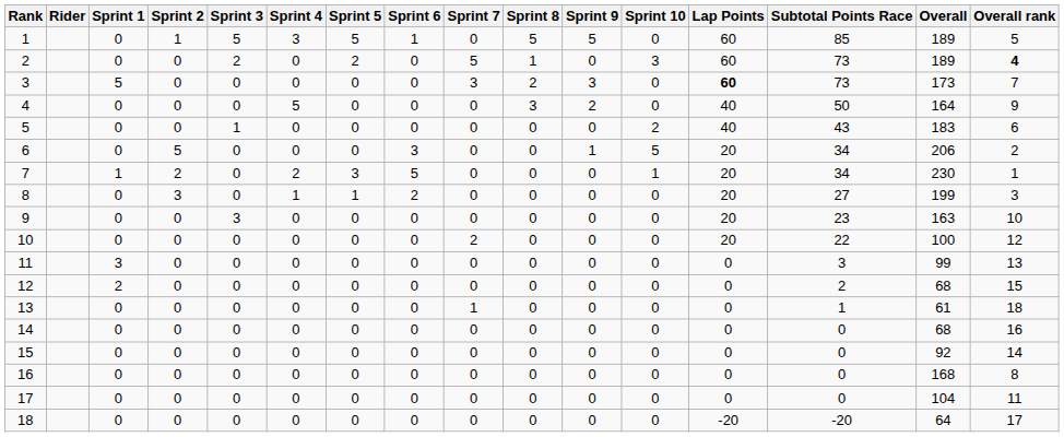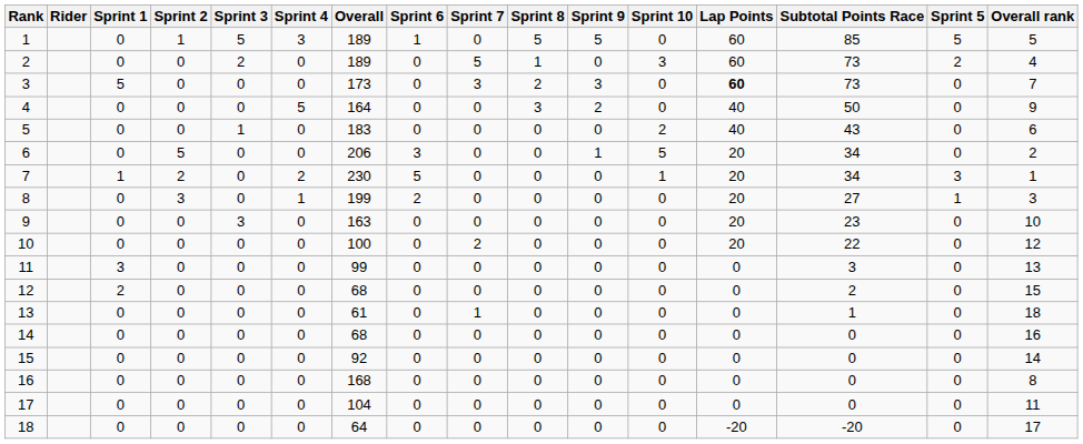 <table class="wikitable sortable" style="text-align:center">
 <tr>
 <th>Rank</th>
 <th>Rider</th>
 <th>Sprint 1</th>
 <th>Sprint 2</th>
 <th>Sprint 3</th>
 <th>Sprint 4</th>
-<th>Sprint 5</th>
+<th>Overall</th>
 <th>Sprint 6</th>
 <th>Sprint 7</th>
 <th>Sprint 8</th>
 <th>Sprint 9</th>
 <th>Sprint 10</th>
 <th>Lap Points</th>
 <th>Subtotal Points Race</th>
-<th>Overall</th>
+<th>Sprint 5</th>
 <th>Overall rank</th>
 </tr>
 <tr>
 <td>1</td>
 <td align=left></td>
 <td>0</td>
 <td>1</td>
 <td>5</td>
 <td>3</td>
-<td>5</td>
+<td>189</td>
 <td>1</td>
 <td>0</td>
 <td>5</td>
 <td>5</td>
 <td>0</td>
 <td>60</td>
 <td>85</td>
-<td>189</td>
+<td>5</td>
 <td>5</td>
 </tr>
 <tr>
 <td>2</td>
 <td align=left></td>
 <td>0</td>
 <td>0</td>
 <td>2</td>
 <td>0</td>
-<td>2</td>
+<td>189</td>
 <td>0</td>
 <td>5</td>
 <td>1</td>
 <td>0</td>
 <td>3</td>
 <td>60</td>
 <td>73</td>
-<td>189</td>
-<td><strong>4</strong></td>
+<td>2</td>
+<td>4</td>
 </tr>
 <tr>
 <td>3</td>
 <td align=left></td>
 <td>5</td>
 <td>0</td>
 <td>0</td>
 <td>0</td>
-<td>0</td>
+<td>173</td>
 <td>0</td>
 <td>3</td>
 <td>2</td>
 <td>3</td>
 <td>0</td>
 <td><strong>60</strong></td>
 <td>73</td>
-<td>173</td>
+<td>0</td>
 <td>7</td>
 </tr>
 <tr>
 <td>4</td>
 <td align=left></td>
 <td>0</td>
 <td>0</td>
 <td>0</td>
 <td>5</td>
-<td>0</td>
+<td>164</td>
 <td>0</td>
 <td>0</td>
 <td>3</td>
 <td>2</td>
 <td>0</td>
 <td>40</td>
 <td>50</td>
-<td>164</td>
+<td>0</td>
 <td>9</td>
 </tr>
 <tr>
 <td>5</td>
 <td align=left></td>
 <td>0</td>
 <td>0</td>
 <td>1</td>
 <td>0</td>
-<td>0</td>
+<td>183</td>
 <td>0</td>
 <td>0</td>
 <td>0</td>
 <td>0</td>
 <td>2</td>
 <td>40</td>
 <td>43</td>
-<td>183</td>
+<td>0</td>
 <td>6</td>
 </tr>
 <tr>
 <td>6</td>
 <td align=left></td>
 <td>0</td>
 <td>5</td>
 <td>0</td>
 <td>0</td>
-<td>0</td>
+<td>206</td>
 <td>3</td>
 <td>0</td>
 <td>0</td>
 <td>1</td>
 <td>5</td>
 <td>20</td>
 <td>34</td>
-<td>206</td>
+<td>0</td>
 <td>2</td>
 </tr>
 <tr>
 <td>7</td>
 <td align=left></td>
 <td>1</td>
 <td>2</td>
 <td>0</td>
 <td>2</td>
-<td>3</td>
+<td>230</td>
 <td>5</td>
 <td>0</td>
 <td>0</td>
 <td>0</td>
 <td>1</td>
 <td>20</td>
 <td>34</td>
-<td>230</td>
+<td>3</td>
 <td>1</td>
 </tr>
 <tr>
 <td>8</td>
 <td align=left></td>
 <td>0</td>
 <td>3</td>
 <td>0</td>
 <td>1</td>
-<td>1</td>
+<td>199</td>
 <td>2</td>
 <td>0</td>
 <td>0</td>
 <td>0</td>
 <td>0</td>
 <td>20</td>
 <td>27</td>
-<td>199</td>
+<td>1</td>
 <td>3</td>
 </tr>
 <tr>
 <td>9</td>
 <td align=left></td>
 <td>0</td>
 <td>0</td>
 <td>3</td>
 <td>0</td>
-<td>0</td>
+<td>163</td>
 <td>0</td>
 <td>0</td>
 <td>0</td>
 <td>0</td>
 <td>0</td>
 <td>20</td>
 <td>23</td>
-<td>163</td>
+<td>0</td>
 <td>10</td>
 </tr>
 <tr>
 <td>10</td>
 <td align=left></td>
 <td>0</td>
 <td>0</td>
 <td>0</td>
 <td>0</td>
-<td>0</td>
+<td>100</td>
 <td>0</td>
 <td>2</td>
 <td>0</td>
 <td>0</td>
 <td>0</td>
 <td>20</td>
 <td>22</td>
-<td>100</td>
+<td>0</td>
 <td>12</td>
 </tr>
 <tr>
 <td>11</td>
 <td align=left></td>
 <td>3</td>
 <td>0</td>
 <td>0</td>
 <td>0</td>
-<td>0</td>
+<td>99</td>
 <td>0</td>
 <td>0</td>
 <td>0</td>
 <td>0</td>
 <td>0</td>
 <td>0</td>
 <td>3</td>
-<td>99</td>
+<td>0</td>
 <td>13</td>
 </tr>
 <tr>
 <td>12</td>
 <td align=left></td>
 <td>2</td>
 <td>0</td>
 <td>0</td>
 <td>0</td>
-<td>0</td>
+<td>68</td>
 <td>0</td>
 <td>0</td>
 <td>0</td>
 <td>0</td>
 <td>0</td>
 <td>0</td>
 <td>2</td>
-<td>68</td>
+<td>0</td>
 <td>15</td>
 </tr>
 <tr>
 <td>13</td>
 <td align=left></td>
 <td>0</td>
 <td>0</td>
 <td>0</td>
 <td>0</td>
-<td>0</td>
+<td>61</td>
 <td>0</td>
 <td>1</td>
 <td>0</td>
 <td>0</td>
 <td>0</td>
 <td>0</td>
 <td>1</td>
-<td>61</td>
+<td>0</td>
 <td>18</td>
 </tr>
 <tr>
 <td>14</td>
 <td align=left></td>
 <td>0</td>
 <td>0</td>
 <td>0</td>
 <td>0</td>
+<td>68</td>
 <td>0</td>
 <td>0</td>
 <td>0</td>
 <td>0</td>
 <td>0</td>
 <td>0</td>
 <td>0</td>
 <td>0</td>
-<td>68</td>
 <td>16</td>
 </tr>
 <tr>
 <td>15</td>
 <td align=left></td>
 <td>0</td>
 <td>0</td>
 <td>0</td>
 <td>0</td>
+<td>92</td>
 <td>0</td>
 <td>0</td>
 <td>0</td>
 <td>0</td>
 <td>0</td>
 <td>0</td>
 <td>0</td>
 <td>0</td>
-<td>92</td>
 <td>14</td>
 </tr>
 <tr>
 <td>16</td>
 <td align=left></td>
 <td>0</td>
 <td>0</td>
 <td>0</td>
 <td>0</td>
+<td>168</td>
 <td>0</td>
 <td>0</td>
 <td>0</td>
 <td>0</td>
 <td>0</td>
 <td>0</td>
 <td>0</td>
 <td>0</td>
-<td>168</td>
 <td>8</td>
 </tr>
 <tr>
 <td>17</td>
 <td align=left></td>
 <td>0</td>
 <td>0</td>
 <td>0</td>
 <td>0</td>
+<td>104</td>
 <td>0</td>
 <td>0</td>
 <td>0</td>
 <td>0</td>
 <td>0</td>
 <td>0</td>
 <td>0</td>
 <td>0</td>
-<td>104</td>
 <td>11</td>
 </tr>
 <tr>
 <td>18</td>
 <td align=left></td>
 <td>0</td>
 <td>0</td>
 <td>0</td>
 <td>0</td>
-<td>0</td>
+<td>64</td>
 <td>0</td>
 <td>0</td>
 <td>0</td>
 <td>0</td>
 <td>0</td>
 <td>-20</td>
 <td>-20</td>
-<td>64</td>
+<td>0</td>
 <td>17</td>
 </tr>
 </table>
